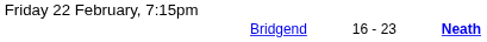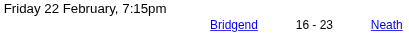 <table style="width:70%;" cellspacing="1">
 <tr>
 <th width=35%></th>
 <th width=15%></th>
 <th></th>
 </tr>
 <tr>
 <td>Friday 22 February, 7:15pm</td>
 </tr>
 <tr style=font-size:90%>
 <td align=right><a href='#'>Bridgend</a></td>
 <td align=center>16 - 23</td>
-<td><strong><a href='#'>Neath</a></strong></td>
+<td><a href='#'>Neath</a></td>
 </tr>
 </table>
